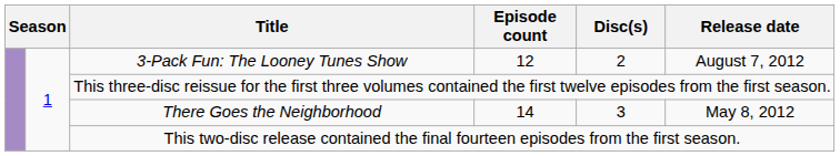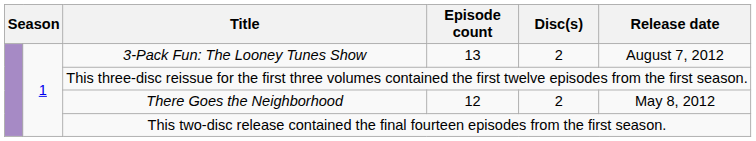 <table class="wikitable" style="text-align: center">
 <tr>
 <th colspan=2>Season</th>
 <th>Title</th>
 <th>Episode<br>count</th>
 <th>Disc(s)</th>
 <th>Release date</th>
 </tr>
 <tr>
 <td rowspan=4 style="background:#A68AC5"></td>
 <td rowspan=4><a href='#'>1</a></td>
 <td><em>3-Pack Fun: The Looney Tunes Show</em></td>
-<td>12</td>
+<td>13</td>
 <td>2</td>
 <td>August 7, 2012</td>
 </tr>
 <tr>
 <td colspan=4>This three-disc reissue for the first three volumes contained the first twelve episodes from the first season.</td>
 </tr>
 <tr>
 <td><em>There Goes the Neighborhood</em></td>
-<td>14</td>
-<td>3</td>
+<td>12</td>
+<td>2</td>
 <td>May 8, 2012</td>
 </tr>
 <tr>
 <td colspan=4>This two-disc release contained the final fourteen episodes from the first season.</td>
 </tr>
 </table>
